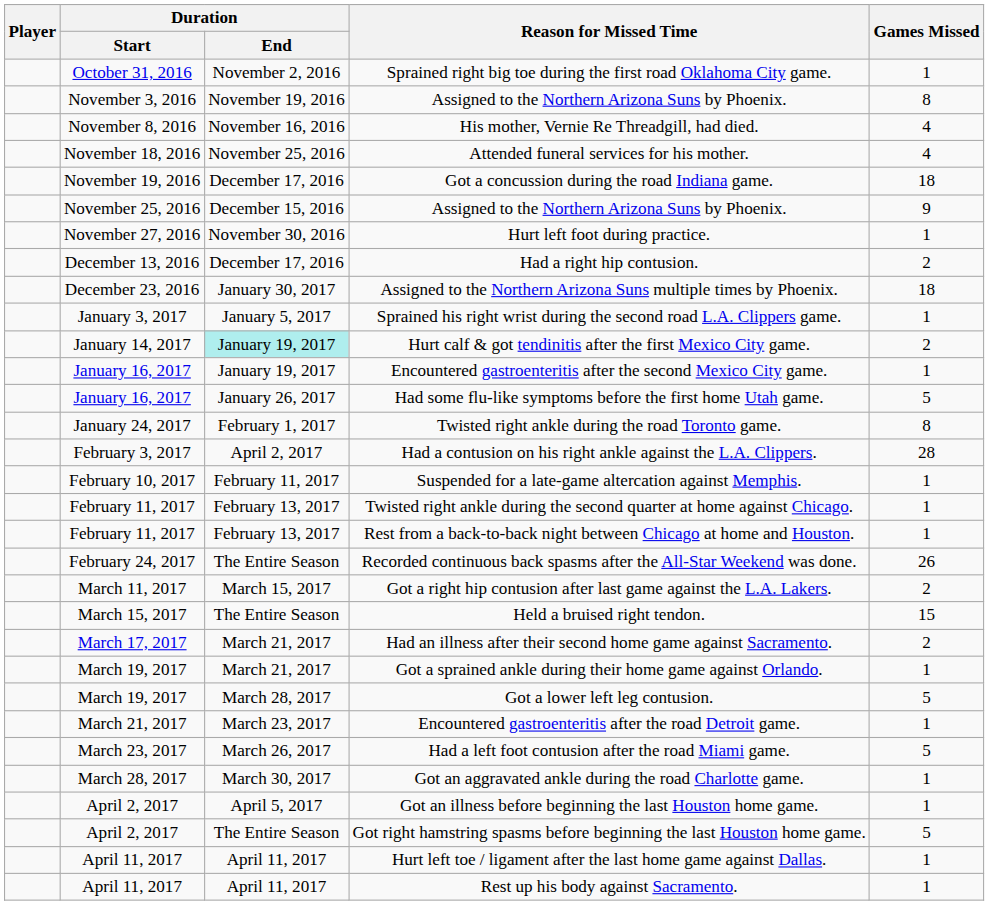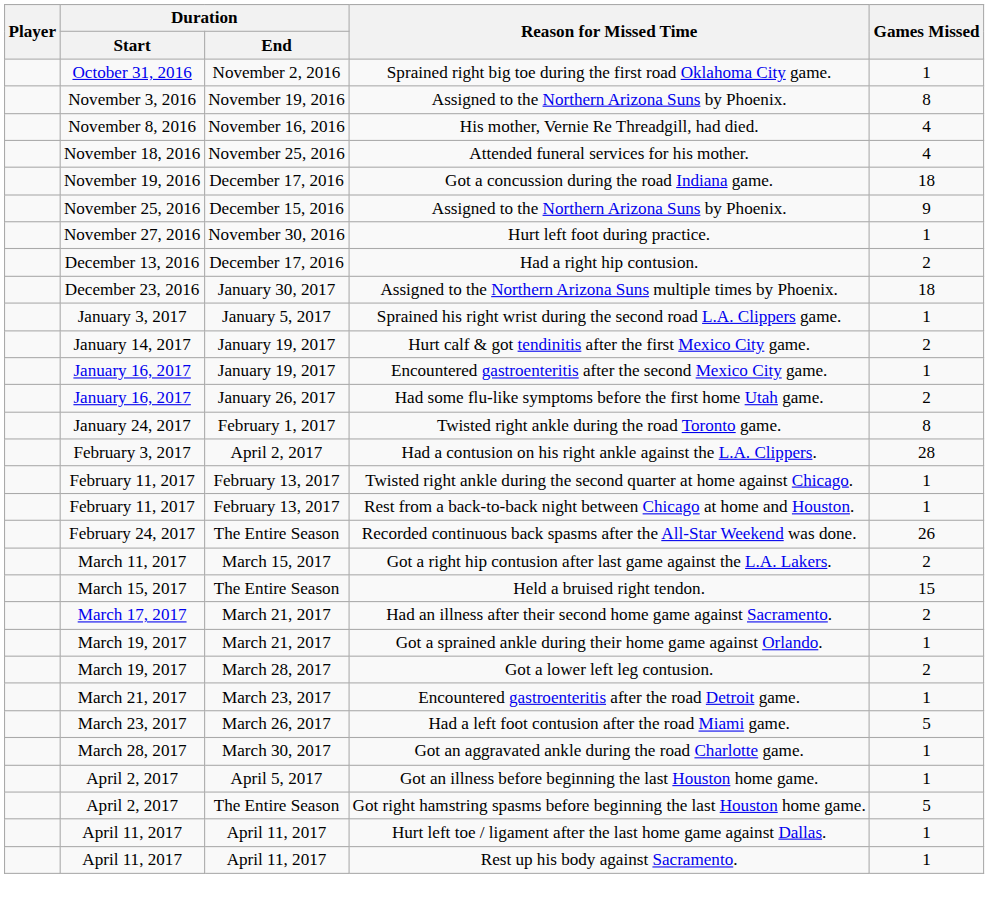 <table class="wikitable sortable collapsible" style="text-align:center;">
 <tr>
 <th rowspan="2">Player</th>
 <th colspan="2">Duration</th>
 <th rowspan="2">Reason for Missed Time </th>
 <th rowspan="2">Games Missed</th>
 </tr>
 <tr>
 <th>Start</th>
 <th>End</th>
 </tr>
 <tr>
 <td></td>
 <td><a href='#'>October 31, 2016</a></td>
 <td>November 2, 2016</td>
 <td>Sprained right big toe during the first road <a href='#'>Oklahoma City</a> game.</td>
 <td>1</td>
 </tr>
 <tr>
 <td></td>
 <td>November 3, 2016</td>
 <td>November 19, 2016</td>
 <td>Assigned to the <a href='#'>Northern Arizona Suns</a> by Phoenix.</td>
 <td>8</td>
 </tr>
 <tr>
 <td></td>
 <td>November 8, 2016</td>
 <td>November 16, 2016</td>
 <td>His mother, Vernie Re Threadgill, had died.</td>
 <td>4</td>
 </tr>
 <tr>
 <td></td>
 <td>November 18, 2016</td>
 <td>November 25, 2016</td>
 <td>Attended funeral services for his mother.</td>
 <td>4</td>
 </tr>
 <tr>
 <td></td>
 <td>November 19, 2016</td>
 <td>December 17, 2016</td>
 <td>Got a concussion during the road <a href='#'>Indiana</a> game.</td>
 <td>18</td>
 </tr>
 <tr>
 <td></td>
 <td>November 25, 2016</td>
 <td>December 15, 2016</td>
 <td>Assigned to the <a href='#'>Northern Arizona Suns</a> by Phoenix.</td>
 <td>9</td>
 </tr>
 <tr>
 <td></td>
 <td>November 27, 2016</td>
 <td>November 30, 2016</td>
 <td>Hurt left foot during practice.</td>
 <td>1</td>
 </tr>
 <tr>
 <td></td>
 <td>December 13, 2016</td>
 <td>December 17, 2016</td>
 <td>Had a right hip contusion.</td>
 <td>2</td>
 </tr>
 <tr>
 <td></td>
 <td>December 23, 2016</td>
 <td>January 30, 2017</td>
 <td>Assigned to the <a href='#'>Northern Arizona Suns</a> multiple times by Phoenix.</td>
 <td>18</td>
 </tr>
 <tr>
 <td></td>
 <td>January 3, 2017</td>
 <td>January 5, 2017</td>
 <td>Sprained his right wrist during the second road <a href='#'>L.A. Clippers</a> game.</td>
 <td>1</td>
 </tr>
 <tr>
 <td></td>
 <td>January 14, 2017</td>
-<td style="background: paleturquoise;">January 19, 2017</td>
+<td>January 19, 2017</td>
 <td>Hurt calf & got <a href='#'>tendinitis</a> after the first <a href='#'>Mexico City</a> game.</td>
 <td>2</td>
 </tr>
 <tr>
 <td></td>
 <td><a href='#'>January 16, 2017</a></td>
 <td>January 19, 2017</td>
 <td>Encountered <a href='#'>gastroenteritis</a> after the second <a href='#'>Mexico City</a> game.</td>
 <td>1</td>
 </tr>
 <tr>
 <td></td>
 <td><a href='#'>January 16, 2017</a></td>
 <td>January 26, 2017</td>
 <td>Had some flu-like symptoms before the first home <a href='#'>Utah</a> game.</td>
-<td>5</td>
+<td>2</td>
 </tr>
 <tr>
 <td></td>
 <td>January 24, 2017</td>
 <td>February 1, 2017</td>
 <td>Twisted right ankle during the road <a href='#'>Toronto</a> game.</td>
 <td>8</td>
 </tr>
 <tr>
 <td></td>
 <td>February 3, 2017</td>
 <td>April 2, 2017</td>
 <td>Had a contusion on his right ankle against the <a href='#'>L.A. Clippers</a>.</td>
 <td>28</td>
-</tr>
-<tr>
-<td></td>
-<td>February 10, 2017</td>
-<td>February 11, 2017</td>
-<td>Suspended for a late-game altercation against <a href='#'>Memphis</a>.</td>
-<td>1</td>
 </tr>
 <tr>
 <td></td>
 <td>February 11, 2017</td>
 <td>February 13, 2017</td>
 <td>Twisted right ankle during the second quarter at home against <a href='#'>Chicago</a>.</td>
 <td>1</td>
 </tr>
 <tr>
 <td></td>
 <td>February 11, 2017</td>
 <td>February 13, 2017</td>
 <td>Rest from a back-to-back night between <a href='#'>Chicago</a> at home and <a href='#'>Houston</a>.</td>
 <td>1</td>
 </tr>
 <tr>
 <td></td>
 <td>February 24, 2017</td>
 <td>The Entire Season</td>
 <td>Recorded continuous back spasms after the <a href='#'>All-Star Weekend</a> was done.</td>
 <td>26</td>
 </tr>
 <tr>
 <td></td>
 <td>March 11, 2017</td>
 <td>March 15, 2017</td>
 <td>Got a right hip contusion after last game against the <a href='#'>L.A. Lakers</a>.</td>
 <td>2</td>
 </tr>
 <tr>
 <td></td>
 <td>March 15, 2017</td>
 <td>The Entire Season</td>
 <td>Held a bruised right tendon.</td>
 <td>15</td>
 </tr>
 <tr>
 <td></td>
 <td><a href='#'>March 17, 2017</a></td>
 <td>March 21, 2017</td>
 <td>Had an illness after their second home game against <a href='#'>Sacramento</a>.</td>
 <td>2</td>
 </tr>
 <tr>
 <td></td>
 <td>March 19, 2017</td>
 <td>March 21, 2017</td>
 <td>Got a sprained ankle during their home game against <a href='#'>Orlando</a>.</td>
 <td>1</td>
 </tr>
 <tr>
 <td></td>
 <td>March 19, 2017</td>
 <td>March 28, 2017</td>
 <td>Got a lower left leg contusion.</td>
-<td>5</td>
+<td>2</td>
 </tr>
 <tr>
 <td></td>
 <td>March 21, 2017</td>
 <td>March 23, 2017</td>
 <td>Encountered <a href='#'>gastroenteritis</a> after the road <a href='#'>Detroit</a> game.</td>
 <td>1</td>
 </tr>
 <tr>
 <td></td>
 <td>March 23, 2017</td>
 <td>March 26, 2017</td>
 <td>Had a left foot contusion after the road <a href='#'>Miami</a> game.</td>
 <td>5</td>
 </tr>
 <tr>
 <td></td>
 <td>March 28, 2017</td>
 <td>March 30, 2017</td>
 <td>Got an aggravated ankle during the road <a href='#'>Charlotte</a> game.</td>
 <td>1</td>
 </tr>
 <tr>
 <td></td>
 <td>April 2, 2017</td>
 <td>April 5, 2017</td>
 <td>Got an illness before beginning the last <a href='#'>Houston</a> home game.</td>
 <td>1</td>
 </tr>
 <tr>
 <td></td>
 <td>April 2, 2017</td>
 <td>The Entire Season</td>
 <td>Got right hamstring spasms before beginning the last <a href='#'>Houston</a> home game.</td>
 <td>5</td>
 </tr>
 <tr>
 <td></td>
 <td>April 11, 2017</td>
 <td>April 11, 2017</td>
 <td>Hurt left toe / ligament after the last home game against <a href='#'>Dallas</a>.</td>
 <td>1</td>
 </tr>
 <tr>
 <td></td>
 <td>April 11, 2017</td>
 <td>April 11, 2017</td>
 <td>Rest up his body against <a href='#'>Sacramento</a>.</td>
 <td>1</td>
 </tr>
 </table>
